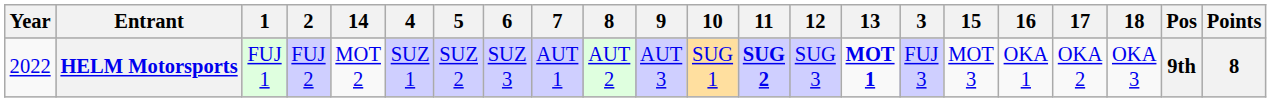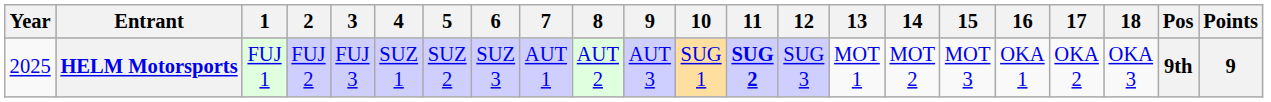 <table class="wikitable" style="text-align:center; font-size:85%">
 <tr>
 <th>Year</th>
 <th>Entrant</th>
 <th>1</th>
 <th>2</th>
-<th>14</th>
+<th>3</th>
 <th>4</th>
 <th>5</th>
 <th>6</th>
 <th>7</th>
 <th>8</th>
 <th>9</th>
 <th>10</th>
 <th>11</th>
 <th>12</th>
 <th>13</th>
-<th>3</th>
+<th>14</th>
 <th>15</th>
 <th>16</th>
 <th>17</th>
 <th>18</th>
 <th>Pos</th>
 <th>Points</th>
 </tr>
 <tr>
-<td><a href='#'>2022</a></td>
+<td><a href='#'>2025</a></td>
 <th nowrap><a href='#'>HELM Motorsports</a></th>
 <td style="background:#DFFFDF"><a href='#'>FUJ<br>1</a><br></td>
 <td style="background:#CFCFFF"><a href='#'>FUJ<br>2</a><br></td>
-<td style="background:#"><a href='#'>MOT<br>2</a><br></td>
+<td style="background:#CFCFFF"><a href='#'>FUJ<br>3</a><br></td>
 <td style="background:#CFCFFF"><a href='#'>SUZ<br>1</a><br></td>
 <td style="background:#CFCFFF"><a href='#'>SUZ<br>2</a><br></td>
 <td style="background:#CFCFFF"><a href='#'>SUZ<br>3</a><br></td>
 <td style="background:#CFCFFF"><a href='#'>AUT<br>1</a><br></td>
 <td style="background:#DFFFDF"><a href='#'>AUT<br>2</a><br></td>
 <td style="background:#CFCFFF"><a href='#'>AUT<br>3</a><br></td>
 <td style="background:#FFDF9F"><a href='#'>SUG<br>1</a><br></td>
 <td style="background:#CFCFFF"><strong><a href='#'>SUG<br>2</a><br></strong></td>
 <td style="background:#CFCFFF"><a href='#'>SUG<br>3</a><br></td>
-<td style="background:#"><strong><a href='#'>MOT<br>1</a><br></strong></td>
-<td style="background:#CFCFFF"><a href='#'>FUJ<br>3</a><br></td>
+<td style="background:#"><a href='#'>MOT<br>1</a><br></td>
+<td style="background:#"><a href='#'>MOT<br>2</a><br></td>
 <td style="background:#"><a href='#'>MOT<br>3</a><br></td>
 <td style="background:#"><a href='#'>OKA<br>1</a></td>
 <td style="background:#"><a href='#'>OKA<br>2</a></td>
 <td style="background:#"><a href='#'>OKA<br>3</a></td>
 <th>9th</th>
-<th>8</th>
+<th>9</th>
 </tr>
 </table>
